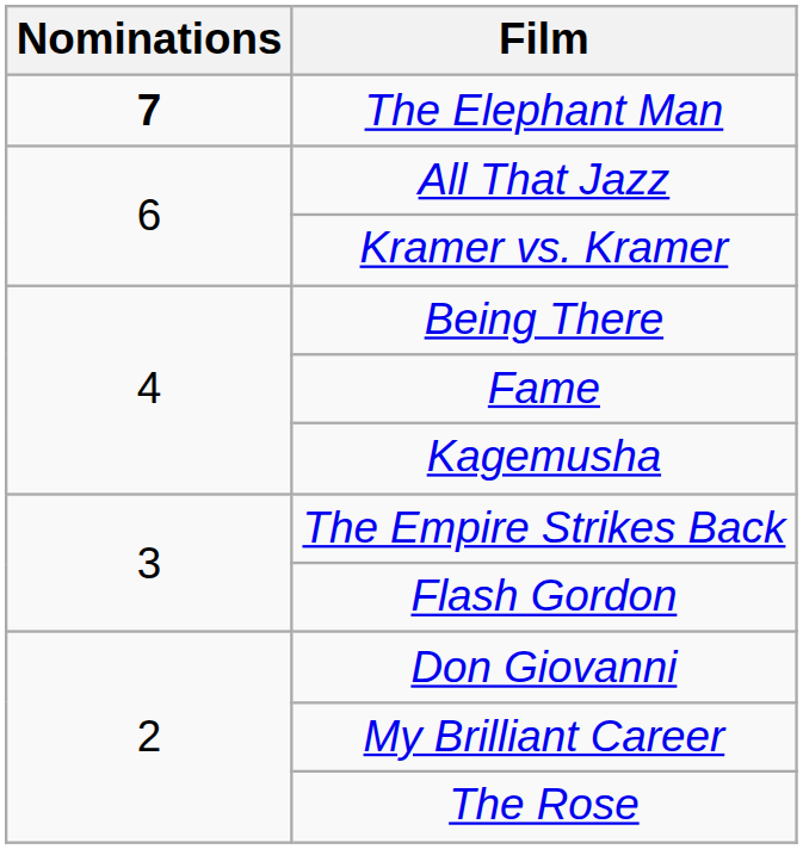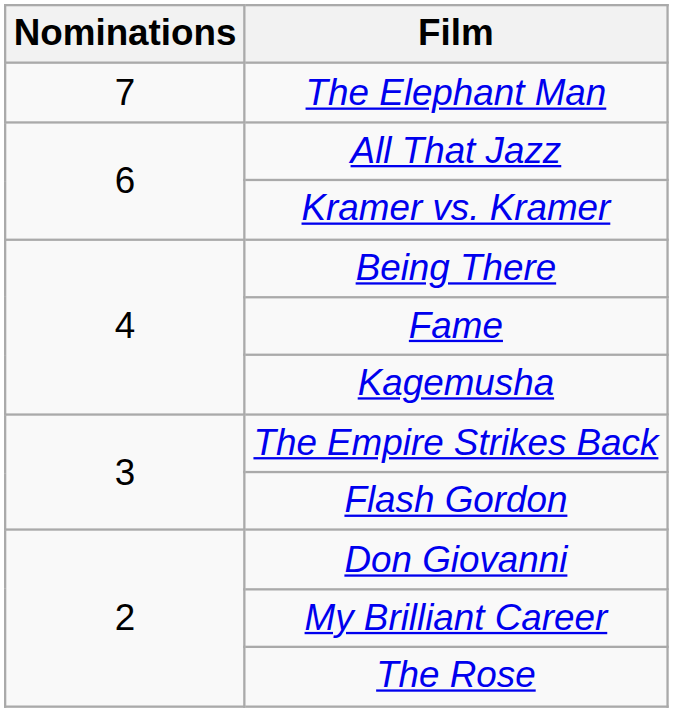 <table class="wikitable" style="text-align:center;">
 <tr>
 <th style="background:">Nominations</th>
 <th style="background:">Film</th>
 </tr>
 <tr>
-<td><strong>7</strong></td>
+<td>7</td>
 <td><em><a href='#'>The Elephant Man</a></em></td>
 </tr>
 <tr>
 <td rowspan="2">6</td>
 <td><em><a href='#'>All That Jazz</a></em></td>
 </tr>
 <tr>
 <td><em><a href='#'>Kramer vs. Kramer</a></em></td>
 </tr>
 <tr>
 <td rowspan="3">4</td>
 <td><em><a href='#'>Being There</a></em></td>
 </tr>
 <tr>
 <td><em><a href='#'>Fame</a></em></td>
 </tr>
 <tr>
 <td><em><a href='#'>Kagemusha</a></em></td>
 </tr>
 <tr>
 <td rowspan="2">3</td>
 <td><em><a href='#'>The Empire Strikes Back</a></em></td>
 </tr>
 <tr>
 <td><em><a href='#'>Flash Gordon</a></em></td>
 </tr>
 <tr>
 <td rowspan="3">2</td>
 <td><em><a href='#'>Don Giovanni</a></em></td>
 </tr>
 <tr>
 <td><em><a href='#'>My Brilliant Career</a></em></td>
 </tr>
 <tr>
 <td><em><a href='#'>The Rose</a></em></td>
 </tr>
 </table>
